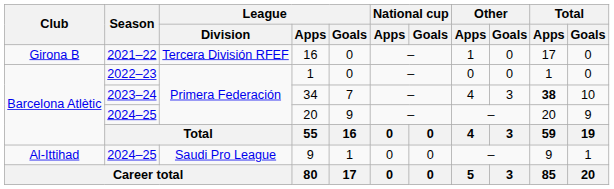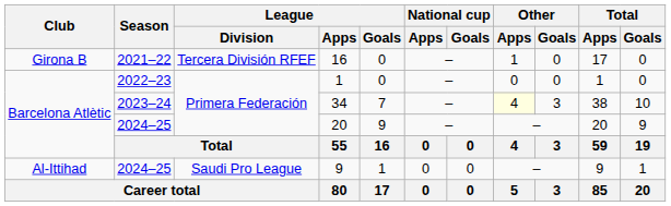 <table class="wikitable" style="text-align:center">
 <tr>
 <th rowspan=2>Club</th>
 <th rowspan=2>Season</th>
 <th colspan=3>League</th>
 <th colspan=2>National cup</th>
 <th colspan=2>Other</th>
 <th colspan=2>Total</th>
 </tr>
 <tr>
 <th>Division</th>
 <th>Apps</th>
 <th>Goals</th>
 <th>Apps</th>
 <th>Goals</th>
 <th>Apps</th>
 <th>Goals</th>
 <th>Apps</th>
 <th>Goals</th>
 </tr>
 <tr>
 <td><a href='#'>Girona B</a></td>
 <td><a href='#'>2021–22</a></td>
 <td><a href='#'>Tercera División RFEF</a></td>
 <td>16</td>
 <td>0</td>
 <td colspan="2">–</td>
 <td>1</td>
 <td>0</td>
 <td>17</td>
 <td>0</td>
 </tr>
 <tr>
 <td rowspan="4"><a href='#'>Barcelona Atlètic</a></td>
 <td><a href='#'>2022–23</a></td>
 <td rowspan=3><a href='#'>Primera Federación</a></td>
 <td>1</td>
 <td>0</td>
 <td colspan="2">–</td>
 <td>0</td>
 <td>0</td>
 <td>1</td>
 <td>0</td>
 </tr>
 <tr>
 <td><a href='#'>2023–24</a></td>
 <td>34</td>
 <td>7</td>
 <td colspan="2">–</td>
-<td>4</td>
+<td style="background: lightyellow;">4</td>
 <td>3</td>
-<td><strong>38</strong></td>
+<td>38</td>
 <td>10</td>
 </tr>
 <tr>
 <td><a href='#'>2024–25</a></td>
 <td>20</td>
 <td>9</td>
 <td colspan="2">–</td>
 <td colspan="2">–</td>
 <td>20</td>
 <td>9</td>
 </tr>
 <tr>
 <th colspan=2>Total</th>
 <th>55</th>
 <th>16</th>
 <th>0</th>
 <th>0</th>
 <th>4</th>
 <th>3</th>
 <th>59</th>
 <th>19</th>
 </tr>
 <tr>
 <td><a href='#'>Al-Ittihad</a></td>
 <td><a href='#'>2024–25</a></td>
 <td><a href='#'>Saudi Pro League</a></td>
 <td>9</td>
 <td>1</td>
 <td>0</td>
 <td>0</td>
 <td colspan="2">–</td>
 <td>9</td>
 <td>1</td>
 </tr>
 <tr>
 <th colspan=3>Career total</th>
 <th>80</th>
 <th>17</th>
 <th>0</th>
 <th>0</th>
 <th>5</th>
 <th>3</th>
 <th>85</th>
 <th>20</th>
 </tr>
 </table>
